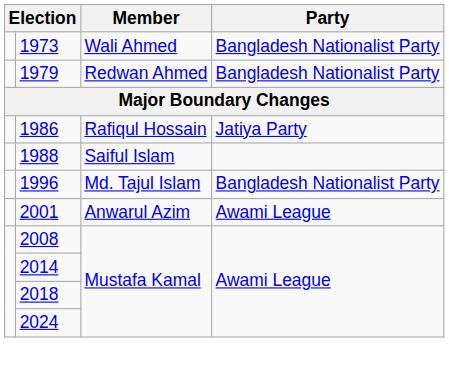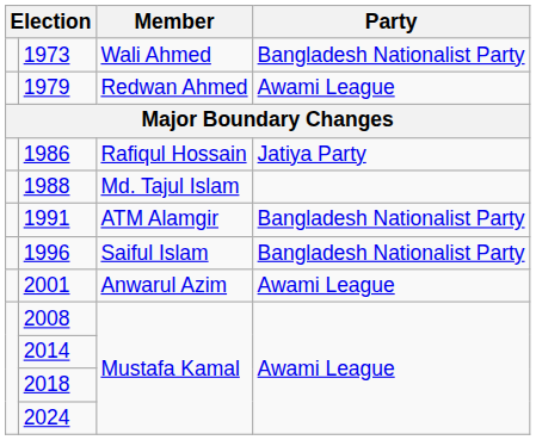 <table class="wikitable">
 <tr>
 <th colspan="2">Election</th>
 <th>Member</th>
 <th>Party</th>
 </tr>
 <tr>
 <td style="background-color:"></td>
 <td><a href='#'>1973</a></td>
 <td><a href='#'>Wali Ahmed</a></td>
 <td><a href='#'>Bangladesh Nationalist Party</a></td>
 </tr>
 <tr>
 <td style="background-color:"></td>
 <td><a href='#'>1979</a></td>
 <td><a href='#'>Redwan Ahmed</a></td>
-<td><a href='#'>Bangladesh Nationalist Party</a></td>
+<td><a href='#'>Awami League</a></td>
 </tr>
 <tr>
 <th colspan="4">Major Boundary Changes</th>
 </tr>
 <tr>
 <td style="background-color:"></td>
 <td><a href='#'>1986</a></td>
 <td><a href='#'>Rafiqul Hossain</a></td>
 <td><a href='#'>Jatiya Party</a></td>
 </tr>
 <tr>
 <td></td>
 <td><a href='#'>1988</a></td>
-<td><a href='#'>Saiful Islam</a></td>
+<td><a href='#'>Md. Tajul Islam</a></td>
 <td></td>
 </tr>
 <tr>
 <td style="background-color:"></td>
+<td><a href='#'>1991</a></td>
+<td><a href='#'>ATM Alamgir</a></td>
+<td><a href='#'>Bangladesh Nationalist Party</a></td>
+</tr>
+<tr>
+<td style="background-color:"></td>
 <td><a href='#'>1996</a></td>
-<td><a href='#'>Md. Tajul Islam</a></td>
+<td><a href='#'>Saiful Islam</a></td>
 <td><a href='#'>Bangladesh Nationalist Party</a></td>
 </tr>
 <tr>
 <td style="background-color:"></td>
 <td><a href='#'>2001</a></td>
 <td><a href='#'>Anwarul Azim</a></td>
 <td><a href='#'>Awami League</a></td>
 </tr>
 <tr>
 <td rowspan="4" style="background-color:"></td>
 <td><a href='#'>2008</a></td>
 <td rowspan="4"><a href='#'>Mustafa Kamal</a></td>
 <td rowspan="4"><a href='#'>Awami League</a></td>
 </tr>
 <tr>
 <td><a href='#'>2014</a></td>
 </tr>
 <tr>
 <td><a href='#'>2018</a></td>
 </tr>
 <tr>
 <td><a href='#'>2024</a></td>
 </tr>
 </table>
